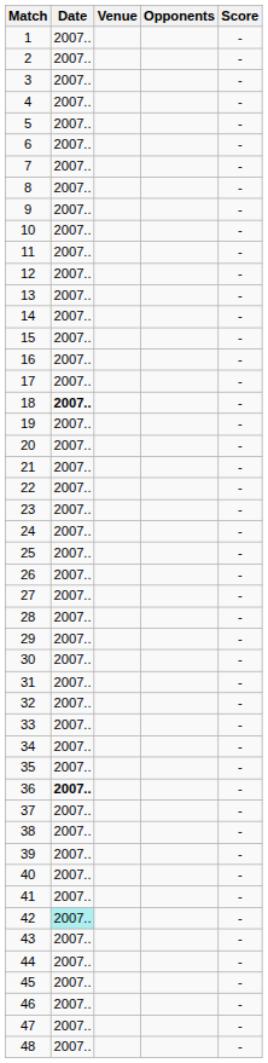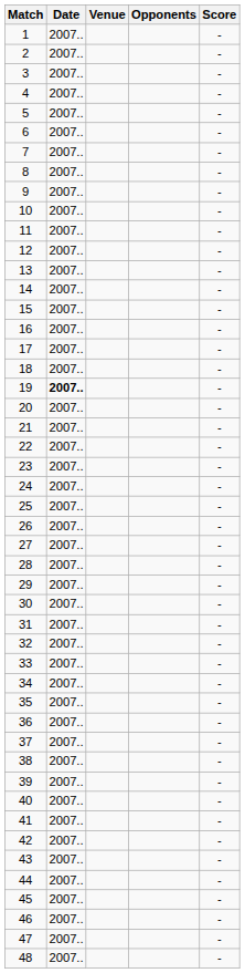 <table class="wikitable" style="text-align:center;">
 <tr>
 <th>Match</th>
 <th>Date</th>
 <th>Venue</th>
 <th>Opponents</th>
 <th>Score</th>
 </tr>
 <tr>
 <td>1</td>
 <td>2007..</td>
 <td><a href='#'></a></td>
 <td><a href='#'></a></td>
 <td>-</td>
 </tr>
 <tr>
 <td>2</td>
 <td>2007..</td>
 <td><a href='#'></a></td>
 <td><a href='#'></a></td>
 <td>-</td>
 </tr>
 <tr>
 <td>3</td>
 <td>2007..</td>
 <td><a href='#'></a></td>
 <td><a href='#'></a></td>
 <td>-</td>
 </tr>
 <tr>
 <td>4</td>
 <td>2007..</td>
 <td><a href='#'></a></td>
 <td><a href='#'></a></td>
 <td>-</td>
 </tr>
 <tr>
 <td>5</td>
 <td>2007..</td>
 <td><a href='#'></a></td>
 <td><a href='#'></a></td>
 <td>-</td>
 </tr>
 <tr>
 <td>6</td>
 <td>2007..</td>
 <td><a href='#'></a></td>
 <td><a href='#'></a></td>
 <td>-</td>
 </tr>
 <tr>
 <td>7</td>
 <td>2007..</td>
 <td><a href='#'></a></td>
 <td><a href='#'></a></td>
 <td>-</td>
 </tr>
 <tr>
 <td>8</td>
 <td>2007..</td>
 <td><a href='#'></a></td>
 <td><a href='#'></a></td>
 <td>-</td>
 </tr>
 <tr>
 <td>9</td>
 <td>2007..</td>
 <td><a href='#'></a></td>
 <td><a href='#'></a></td>
 <td>-</td>
 </tr>
 <tr>
 <td>10</td>
 <td>2007..</td>
 <td><a href='#'></a></td>
 <td><a href='#'></a></td>
 <td>-</td>
 </tr>
 <tr>
 <td>11</td>
 <td>2007..</td>
 <td><a href='#'></a></td>
 <td><a href='#'></a></td>
 <td>-</td>
 </tr>
 <tr>
 <td>12</td>
 <td>2007..</td>
 <td><a href='#'></a></td>
 <td><a href='#'></a></td>
 <td>-</td>
 </tr>
 <tr>
 <td>13</td>
 <td>2007..</td>
 <td><a href='#'></a></td>
 <td><a href='#'></a></td>
 <td>-</td>
 </tr>
 <tr>
 <td>14</td>
 <td>2007..</td>
 <td><a href='#'></a></td>
 <td><a href='#'></a></td>
 <td>-</td>
 </tr>
 <tr>
 <td>15</td>
 <td>2007..</td>
 <td><a href='#'></a></td>
 <td><a href='#'></a></td>
 <td>-</td>
 </tr>
 <tr>
 <td>16</td>
 <td>2007..</td>
 <td><a href='#'></a></td>
 <td><a href='#'></a></td>
 <td>-</td>
 </tr>
 <tr>
 <td>17</td>
 <td>2007..</td>
 <td><a href='#'></a></td>
 <td><a href='#'></a></td>
 <td>-</td>
 </tr>
 <tr>
 <td>18</td>
-<td><strong>2007..</strong></td>
+<td>2007..</td>
 <td><a href='#'></a></td>
 <td><a href='#'></a></td>
 <td>-</td>
 </tr>
 <tr>
 <td>19</td>
-<td>2007..</td>
+<td><strong>2007..</strong></td>
 <td><a href='#'></a></td>
 <td><a href='#'></a></td>
 <td>-</td>
 </tr>
 <tr>
 <td>20</td>
 <td>2007..</td>
 <td><a href='#'></a></td>
 <td><a href='#'></a></td>
 <td>-</td>
 </tr>
 <tr>
 <td>21</td>
 <td>2007..</td>
 <td><a href='#'></a></td>
 <td><a href='#'></a></td>
 <td>-</td>
 </tr>
 <tr>
 <td>22</td>
 <td>2007..</td>
 <td><a href='#'></a></td>
 <td><a href='#'></a></td>
 <td>-</td>
 </tr>
 <tr>
 <td>23</td>
 <td>2007..</td>
 <td><a href='#'></a></td>
 <td><a href='#'></a></td>
 <td>-</td>
 </tr>
 <tr>
 <td>24</td>
 <td>2007..</td>
 <td><a href='#'></a></td>
 <td><a href='#'></a></td>
 <td>-</td>
 </tr>
 <tr>
 <td>25</td>
 <td>2007..</td>
 <td><a href='#'></a></td>
 <td><a href='#'></a></td>
 <td>-</td>
 </tr>
 <tr>
 <td>26</td>
 <td>2007..</td>
 <td><a href='#'></a></td>
 <td><a href='#'></a></td>
 <td>-</td>
 </tr>
 <tr>
 <td>27</td>
 <td>2007..</td>
 <td><a href='#'></a></td>
 <td><a href='#'></a></td>
 <td>-</td>
 </tr>
 <tr>
 <td>28</td>
 <td>2007..</td>
 <td><a href='#'></a></td>
 <td><a href='#'></a></td>
 <td>-</td>
 </tr>
 <tr>
 <td>29</td>
 <td>2007..</td>
 <td><a href='#'></a></td>
 <td><a href='#'></a></td>
 <td>-</td>
 </tr>
 <tr>
 <td>30</td>
 <td>2007..</td>
 <td><a href='#'></a></td>
 <td><a href='#'></a></td>
 <td>-</td>
 </tr>
 <tr>
 <td>31</td>
 <td>2007..</td>
 <td><a href='#'></a></td>
 <td><a href='#'></a></td>
 <td>-</td>
 </tr>
 <tr>
 <td>32</td>
 <td>2007..</td>
 <td><a href='#'></a></td>
 <td><a href='#'></a></td>
 <td>-</td>
 </tr>
 <tr>
 <td>33</td>
 <td>2007..</td>
 <td><a href='#'></a></td>
 <td><a href='#'></a></td>
 <td>-</td>
 </tr>
 <tr>
 <td>34</td>
 <td>2007..</td>
 <td><a href='#'></a></td>
 <td><a href='#'></a></td>
 <td>-</td>
 </tr>
 <tr>
 <td>35</td>
 <td>2007..</td>
 <td><a href='#'></a></td>
 <td><a href='#'></a></td>
 <td>-</td>
 </tr>
 <tr>
 <td>36</td>
-<td><strong>2007..</strong></td>
+<td>2007..</td>
 <td><a href='#'></a></td>
 <td><a href='#'></a></td>
 <td>-</td>
 </tr>
 <tr>
 <td>37</td>
 <td>2007..</td>
 <td><a href='#'></a></td>
 <td><a href='#'></a></td>
 <td>-</td>
 </tr>
 <tr>
 <td>38</td>
 <td>2007..</td>
 <td><a href='#'></a></td>
 <td><a href='#'></a></td>
 <td>-</td>
 </tr>
 <tr>
 <td>39</td>
 <td>2007..</td>
 <td><a href='#'></a></td>
 <td><a href='#'></a></td>
 <td>-</td>
 </tr>
 <tr>
 <td>40</td>
 <td>2007..</td>
 <td><a href='#'></a></td>
 <td><a href='#'></a></td>
 <td>-</td>
 </tr>
 <tr>
 <td>41</td>
 <td>2007..</td>
 <td><a href='#'></a></td>
 <td><a href='#'></a></td>
 <td>-</td>
 </tr>
 <tr>
 <td>42</td>
-<td style="background: paleturquoise;">2007..</td>
+<td>2007..</td>
 <td><a href='#'></a></td>
 <td><a href='#'></a></td>
 <td>-</td>
 </tr>
 <tr>
 <td>43</td>
 <td>2007..</td>
 <td><a href='#'></a></td>
 <td><a href='#'></a></td>
 <td>-</td>
 </tr>
 <tr>
 <td>44</td>
 <td>2007..</td>
 <td><a href='#'></a></td>
 <td><a href='#'></a></td>
 <td>-</td>
 </tr>
 <tr>
 <td>45</td>
 <td>2007..</td>
 <td><a href='#'></a></td>
 <td><a href='#'></a></td>
 <td>-</td>
 </tr>
 <tr>
 <td>46</td>
 <td>2007..</td>
 <td><a href='#'></a></td>
 <td><a href='#'></a></td>
 <td>-</td>
 </tr>
 <tr>
 <td>47</td>
 <td>2007..</td>
 <td><a href='#'></a></td>
 <td><a href='#'></a></td>
 <td>-</td>
 </tr>
 <tr>
 <td>48</td>
 <td>2007..</td>
 <td><a href='#'></a></td>
 <td><a href='#'></a></td>
 <td>-</td>
 </tr>
 </table>
